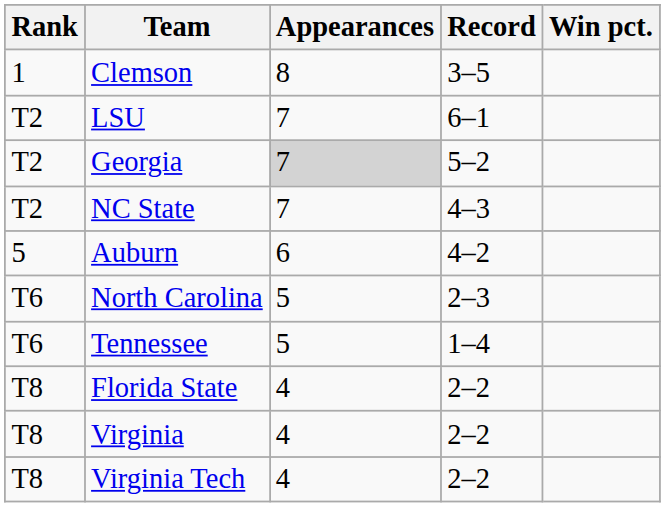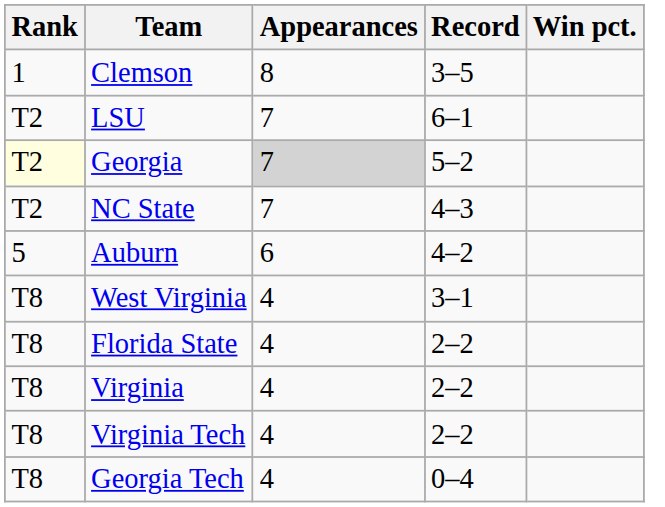 <table class = "wikitable sortable">
 <tr>
 <th>Rank</th>
 <th>Team</th>
 <th>Appearances</th>
 <th>Record</th>
 <th>Win pct.</th>
 </tr>
 <tr>
 <td>1</td>
 <td><a href='#'>Clemson</a></td>
 <td>8</td>
 <td>3–5</td>
 <td></td>
 </tr>
 <tr>
 <td>T2</td>
 <td><a href='#'>LSU</a></td>
 <td>7</td>
 <td>6–1</td>
 <td></td>
 </tr>
 <tr>
-<td>T2</td>
+<td style="background: lightyellow;">T2</td>
 <td><a href='#'>Georgia</a></td>
 <td style="background: lightgrey;">7</td>
 <td>5–2</td>
 <td></td>
 </tr>
 <tr>
 <td>T2</td>
 <td><a href='#'>NC State</a></td>
 <td>7</td>
 <td>4–3</td>
 <td></td>
 </tr>
 <tr>
 <td>5</td>
 <td><a href='#'>Auburn</a></td>
 <td>6</td>
 <td>4–2</td>
 <td></td>
 </tr>
 <tr>
-<td>T6</td>
-<td><a href='#'>North Carolina</a></td>
-<td>5</td>
-<td>2–3</td>
-<td></td>
-</tr>
-<tr>
-<td>T6</td>
-<td><a href='#'>Tennessee</a></td>
-<td>5</td>
-<td>1–4</td>
+<td>T8</td>
+<td><a href='#'>West Virginia</a></td>
+<td>4</td>
+<td>3–1</td>
 <td></td>
 </tr>
 <tr>
 <td>T8</td>
 <td><a href='#'>Florida State</a></td>
 <td>4</td>
 <td>2–2</td>
 <td></td>
 </tr>
 <tr>
 <td>T8</td>
 <td><a href='#'>Virginia</a></td>
 <td>4</td>
 <td>2–2</td>
 <td></td>
 </tr>
 <tr>
 <td>T8</td>
 <td><a href='#'>Virginia Tech</a></td>
 <td>4</td>
 <td>2–2</td>
 <td></td>
 </tr>
+<tr>
+<td>T8</td>
+<td><a href='#'>Georgia Tech</a></td>
+<td>4</td>
+<td>0–4</td>
+<td></td>
+</tr>
 </table>
